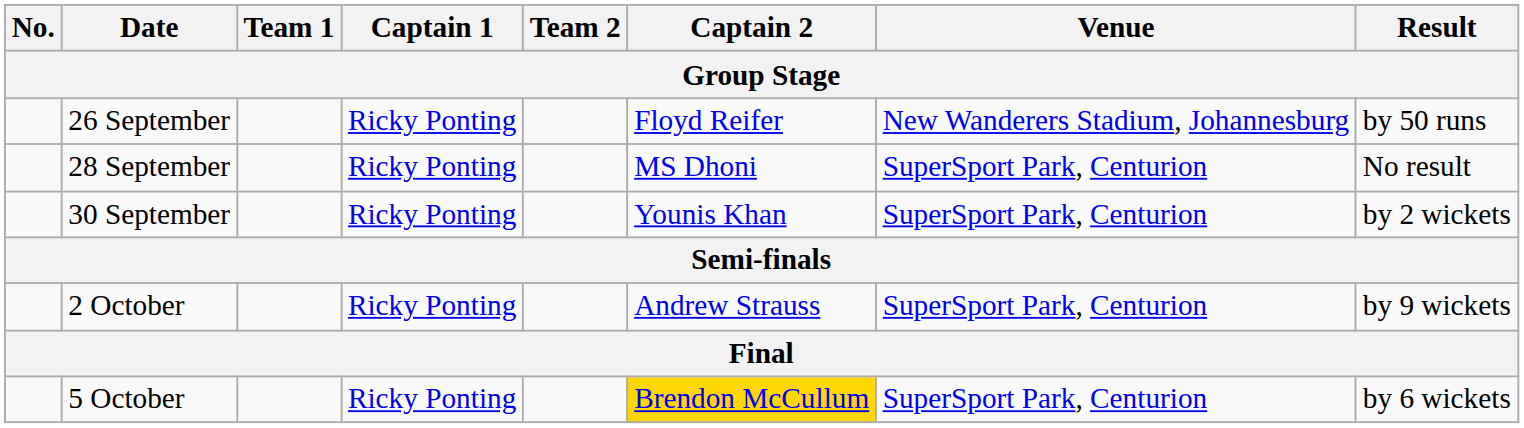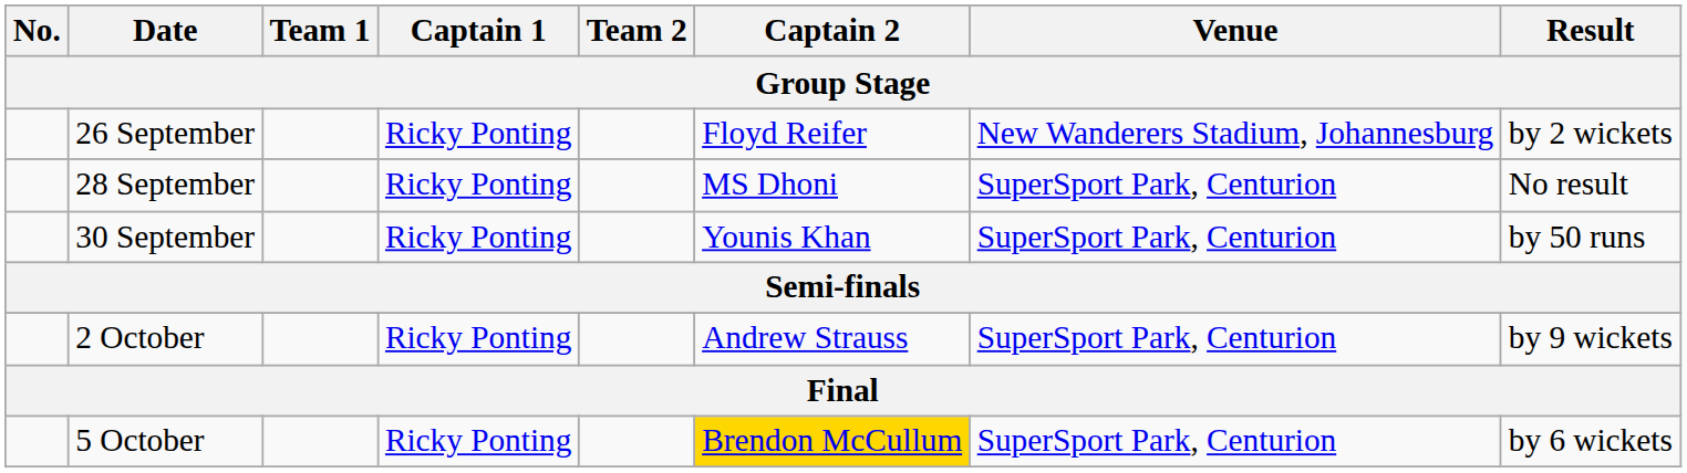 <table class="wikitable">
 <tr>
 <th>No.</th>
 <th>Date</th>
 <th>Team 1</th>
 <th>Captain 1</th>
 <th>Team 2</th>
 <th>Captain 2</th>
 <th>Venue</th>
 <th>Result</th>
 </tr>
 <tr>
 <th colspan="9">Group Stage</th>
 </tr>
 <tr>
 <td></td>
 <td>26 September</td>
 <td></td>
 <td><a href='#'>Ricky Ponting</a></td>
 <td></td>
 <td><a href='#'>Floyd Reifer</a></td>
 <td><a href='#'>New Wanderers Stadium</a>, <a href='#'>Johannesburg</a></td>
-<td> by 50 runs</td>
+<td> by 2 wickets</td>
 </tr>
 <tr>
 <td></td>
 <td>28 September</td>
 <td></td>
 <td><a href='#'>Ricky Ponting</a></td>
 <td></td>
 <td><a href='#'>MS Dhoni</a></td>
 <td><a href='#'>SuperSport Park</a>, <a href='#'>Centurion</a></td>
 <td>No result</td>
 </tr>
 <tr>
 <td></td>
 <td>30 September</td>
 <td></td>
 <td><a href='#'>Ricky Ponting</a></td>
 <td></td>
 <td><a href='#'>Younis Khan</a></td>
 <td><a href='#'>SuperSport Park</a>, <a href='#'>Centurion</a></td>
-<td> by 2 wickets</td>
+<td> by 50 runs</td>
 </tr>
 <tr>
 <th colspan="9">Semi-finals</th>
 </tr>
 <tr>
 <td></td>
 <td>2 October</td>
 <td></td>
 <td><a href='#'>Ricky Ponting</a></td>
 <td></td>
 <td><a href='#'>Andrew Strauss</a></td>
 <td><a href='#'>SuperSport Park</a>, <a href='#'>Centurion</a></td>
 <td> by 9 wickets</td>
 </tr>
 <tr>
 <th colspan="9">Final</th>
 </tr>
 <tr>
 <td></td>
 <td>5 October</td>
 <td></td>
 <td><a href='#'>Ricky Ponting</a></td>
 <td></td>
 <td style="background: gold;"><a href='#'>Brendon McCullum</a></td>
 <td><a href='#'>SuperSport Park</a>, <a href='#'>Centurion</a></td>
 <td> by 6 wickets</td>
 </tr>
 </table>
